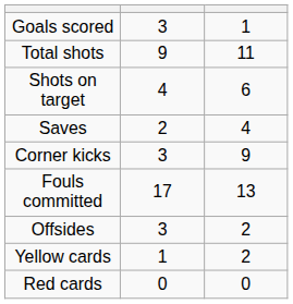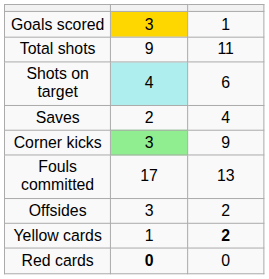 <table class="wikitable plainrowheaders" style="text-align: center">
 <tr>
 <th scope=col width=100></th>
 <th scope=col width=70></th>
 <th scope=col width=70></th>
 </tr>
 <tr>
 <td scope=row>Goals scored</td>
-<td>3</td>
+<td style="background: gold;">3</td>
 <td>1</td>
 </tr>
 <tr>
 <td scope=row>Total shots</td>
 <td>9</td>
 <td>11</td>
 </tr>
 <tr>
 <td scope=row>Shots on target</td>
-<td>4</td>
+<td style="background: paleturquoise;">4</td>
 <td>6</td>
 </tr>
 <tr>
 <td scope=row>Saves</td>
 <td>2</td>
 <td>4</td>
 </tr>
 <tr>
 <td scope=row>Corner kicks</td>
-<td>3</td>
+<td style="background: lightgreen;">3</td>
 <td>9</td>
 </tr>
 <tr>
 <td scope=row>Fouls committed</td>
 <td>17</td>
 <td>13</td>
 </tr>
 <tr>
 <td scope=row>Offsides</td>
 <td>3</td>
 <td>2</td>
 </tr>
 <tr>
 <td scope=row>Yellow cards</td>
 <td>1</td>
-<td>2</td>
+<td><strong>2</strong></td>
 </tr>
 <tr>
 <td scope=row>Red cards</td>
-<td>0</td>
+<td><strong>0</strong></td>
 <td>0</td>
 </tr>
 </table>
